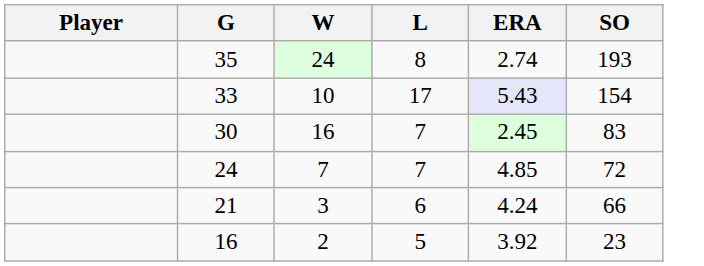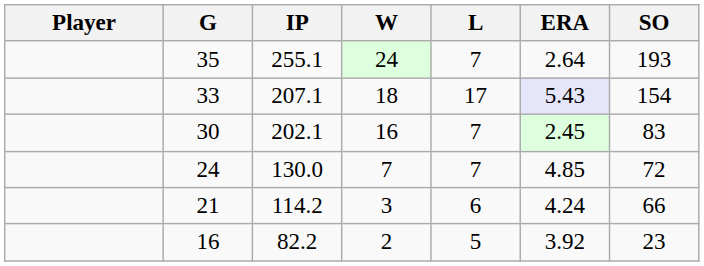 <table class="wikitable sortable">
 <tr>
 <th bgcolor="#DDDDFF" width="16%">Player</th>
 <th bgcolor="#DDDDFF" width="9%">G</th>
+<th bgcolor="#DDDDFF" width="9%">IP</th>
 <th bgcolor="#DDDDFF" width="9%">W</th>
 <th bgcolor="#DDDDFF" width="9%">L</th>
 <th bgcolor="#DDDDFF" width="9%">ERA</th>
 <th bgcolor="#DDDDFF" width="9%">SO</th>
 </tr>
 <tr align="center">
 <td></td>
 <td>35</td>
+<td>255.1</td>
 <td style="background:#DDFFDD;">24</td>
-<td>8</td>
-<td>2.74</td>
+<td>7</td>
+<td>2.64</td>
 <td>193</td>
 </tr>
 <tr align="center">
 <td></td>
 <td>33</td>
-<td>10</td>
+<td>207.1</td>
+<td>18</td>
 <td>17</td>
 <td style="background: lavender;">5.43</td>
 <td>154</td>
 </tr>
 <tr align="center">
 <td></td>
 <td>30</td>
+<td>202.1</td>
 <td>16</td>
 <td>7</td>
 <td style="background:#DDFFDD;">2.45</td>
 <td>83</td>
 </tr>
 <tr align="center">
 <td></td>
 <td>24</td>
+<td>130.0</td>
 <td>7</td>
 <td>7</td>
 <td>4.85</td>
 <td>72</td>
 </tr>
 <tr align="center">
 <td></td>
 <td>21</td>
+<td>114.2</td>
 <td>3</td>
 <td>6</td>
 <td>4.24</td>
 <td>66</td>
 </tr>
 <tr align="center">
 <td></td>
 <td>16</td>
+<td>82.2</td>
 <td>2</td>
 <td>5</td>
 <td>3.92</td>
 <td>23</td>
 </tr>
 </table>
